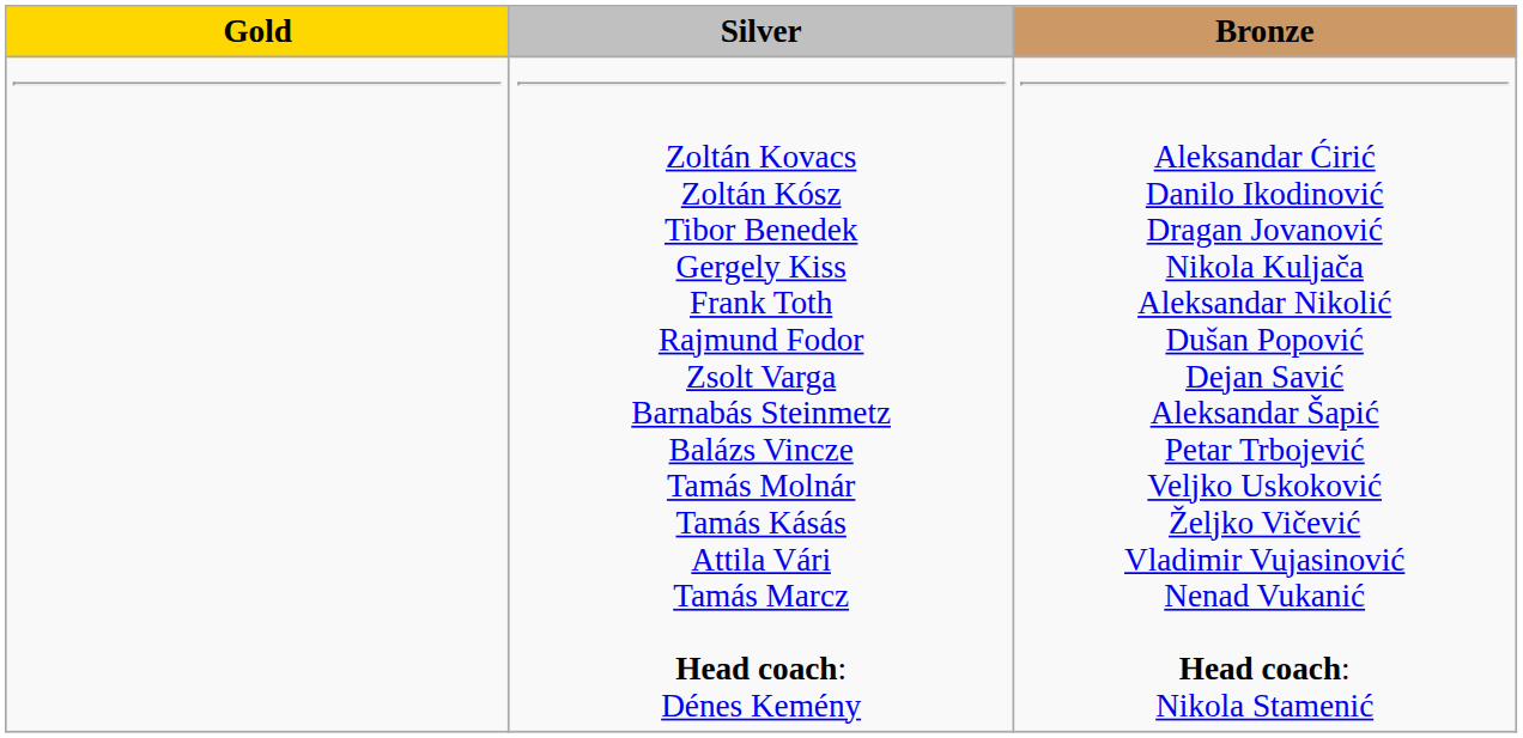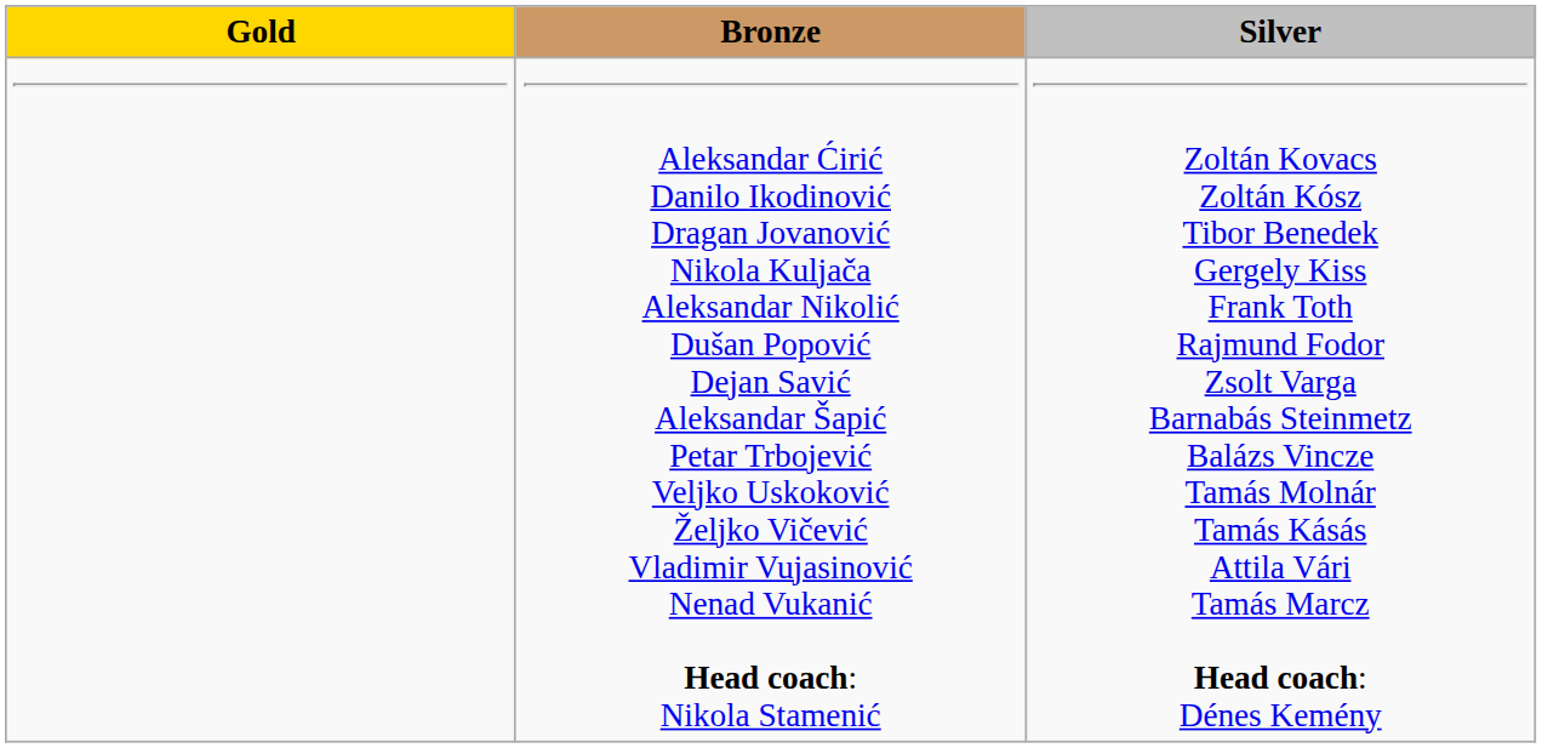 <table class="wikitable">
 <tr>
 <th style="text-align:center; width:15em; background-color:gold;">Gold</th>
+<th style="text-align:center; width:15em; background-color:#CC9966;">Bronze</th>
 <th style="text-align:center; width:15em; background-color:silver;">Silver</th>
-<th style="text-align:center; width:15em; background-color:#CC9966;">Bronze</th>
 </tr>
 <tr>
 <td style="text-align:center; vertical-align:top;"><strong></strong><hr></td>
+<td style="text-align:center; vertical-align:top;"><strong></strong> <hr><br><a href='#'>Aleksandar Ćirić</a><br><a href='#'>Danilo Ikodinović</a><br><a href='#'>Dragan Jovanović</a><br><a href='#'>Nikola Kuljača</a><br><a href='#'>Aleksandar Nikolić</a><br><a href='#'>Dušan Popović</a><br><a href='#'>Dejan Savić</a><br><a href='#'>Aleksandar Šapić</a><br><a href='#'>Petar Trbojević</a><br><a href='#'>Veljko Uskoković</a><br><a href='#'>Željko Vičević</a><br><a href='#'>Vladimir Vujasinović</a><br><a href='#'>Nenad Vukanić</a><br><br><strong>Head coach</strong>: <br><a href='#'>Nikola Stamenić</a></td>
 <td style="text-align:center; vertical-align:top;"><strong></strong><hr><br><a href='#'>Zoltán Kovacs</a><br> <a href='#'>Zoltán Kósz</a><br> <a href='#'>Tibor Benedek</a><br> <a href='#'>Gergely Kiss</a><br> <a href='#'>Frank Toth</a><br> <a href='#'>Rajmund Fodor</a><br> <a href='#'>Zsolt Varga</a><br> <a href='#'>Barnabás Steinmetz</a><br> <a href='#'>Balázs Vincze</a><br> <a href='#'>Tamás Molnár</a><br> <a href='#'>Tamás Kásás</a><br> <a href='#'>Attila Vári</a><br>  <a href='#'>Tamás Marcz</a><br><br><strong>Head coach</strong>: <br><a href='#'>Dénes Kemény</a></td>
-<td style="text-align:center; vertical-align:top;"><strong></strong> <hr><br><a href='#'>Aleksandar Ćirić</a><br><a href='#'>Danilo Ikodinović</a><br><a href='#'>Dragan Jovanović</a><br><a href='#'>Nikola Kuljača</a><br><a href='#'>Aleksandar Nikolić</a><br><a href='#'>Dušan Popović</a><br><a href='#'>Dejan Savić</a><br><a href='#'>Aleksandar Šapić</a><br><a href='#'>Petar Trbojević</a><br><a href='#'>Veljko Uskoković</a><br><a href='#'>Željko Vičević</a><br><a href='#'>Vladimir Vujasinović</a><br><a href='#'>Nenad Vukanić</a><br><br><strong>Head coach</strong>: <br><a href='#'>Nikola Stamenić</a></td>
 </tr>
 </table>
